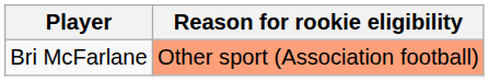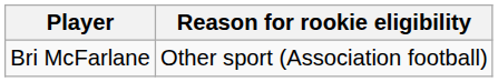 <table class="wikitable plainrowheaders">
 <tr>
 <th scope="col"><strong>Player</strong></th>
 <th scope="col"><strong>Reason for rookie eligibility</strong></th>
 </tr>
 <tr>
 <td>Bri McFarlane</td>
-<td style="background: lightsalmon;">Other sport (Association football)</td>
+<td>Other sport (Association football)</td>
 </tr>
 </table>
